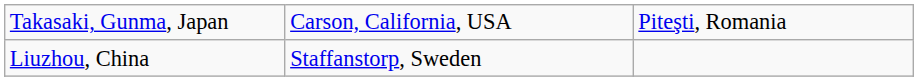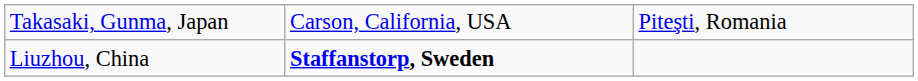 <table style="width:650px;" class="wikitable">
 <tr>
 <td width=200> <a href='#'>Takasaki, Gunma</a>, Japan</td>
 <td width=250> <a href='#'>Carson, California</a>, USA</td>
 <td width=200> <a href='#'>Piteşti</a>, Romania</td>
 </tr>
 <tr>
 <td> <a href='#'>Liuzhou</a>, China</td>
-<td> <a href='#'>Staffanstorp</a>, Sweden</td>
+<td><strong> <a href='#'>Staffanstorp</a>, Sweden</strong></td>
 </tr>
 </table>
